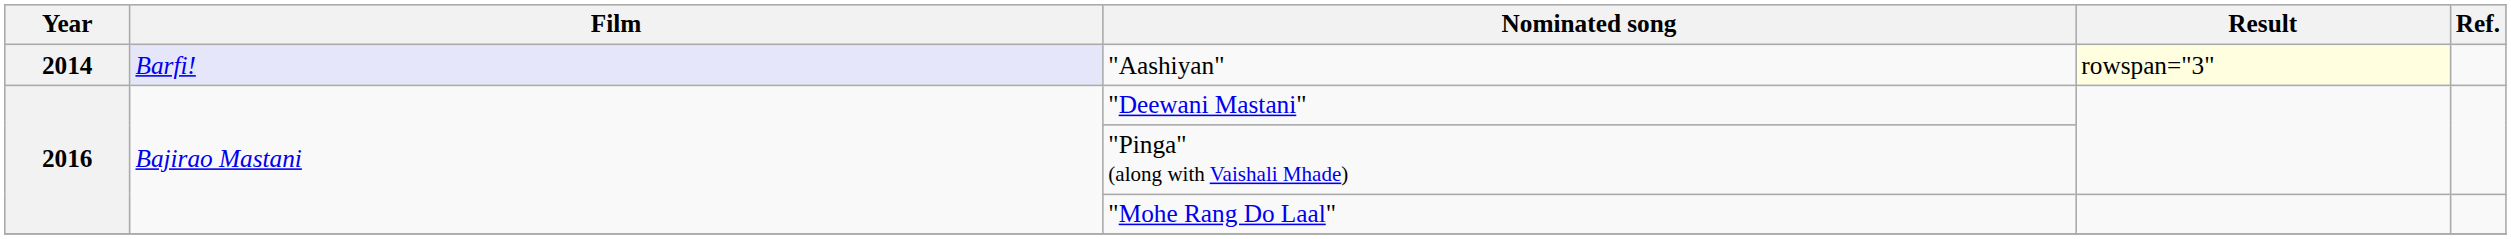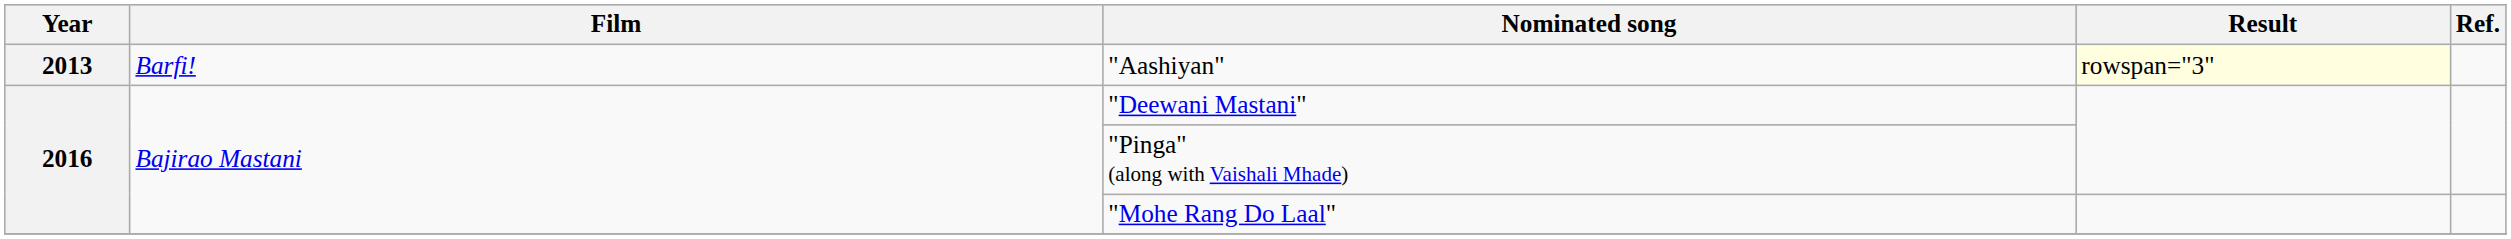 <table class="wikitable plainrowheaders" width="100%" textcolor:#000;">
 <tr>
 <th scope="col" width=5%><strong>Year</strong></th>
 <th scope="col" width=39%><strong>Film</strong></th>
 <th scope="col" width=39%><strong>Nominated song</strong></th>
 <th scope="col" width=15%><strong>Result</strong></th>
 <th scope="col" width=2%><strong>Ref.</strong></th>
 </tr>
 <tr>
-<th scope="row">2014</th>
-<td style="background: lavender;"><em><a href='#'>Barfi!</a></em></td>
+<th scope="row">2013</th>
+<td><em><a href='#'>Barfi!</a></em></td>
 <td>"Aashiyan"</td>
 <td style="background: lightyellow;">rowspan="3" </td>
 <td></td>
 </tr>
 <tr>
 <th scope="row" rowspan="3">2016</th>
 <td rowspan="3"><em><a href='#'>Bajirao Mastani</a></em></td>
 <td>"<a href='#'>Deewani Mastani</a>"</td>
 <td rowspan="2"></td>
 </tr>
 <tr>
 <td>"Pinga"<br><small>(along with <a href='#'>Vaishali Mhade</a>)</small></td>
 </tr>
 <tr>
 <td>"<a href='#'>Mohe Rang Do Laal</a>"</td>
 <td></td>
 <td></td>
 </tr>
 <tr>
 </tr>
 </table>
